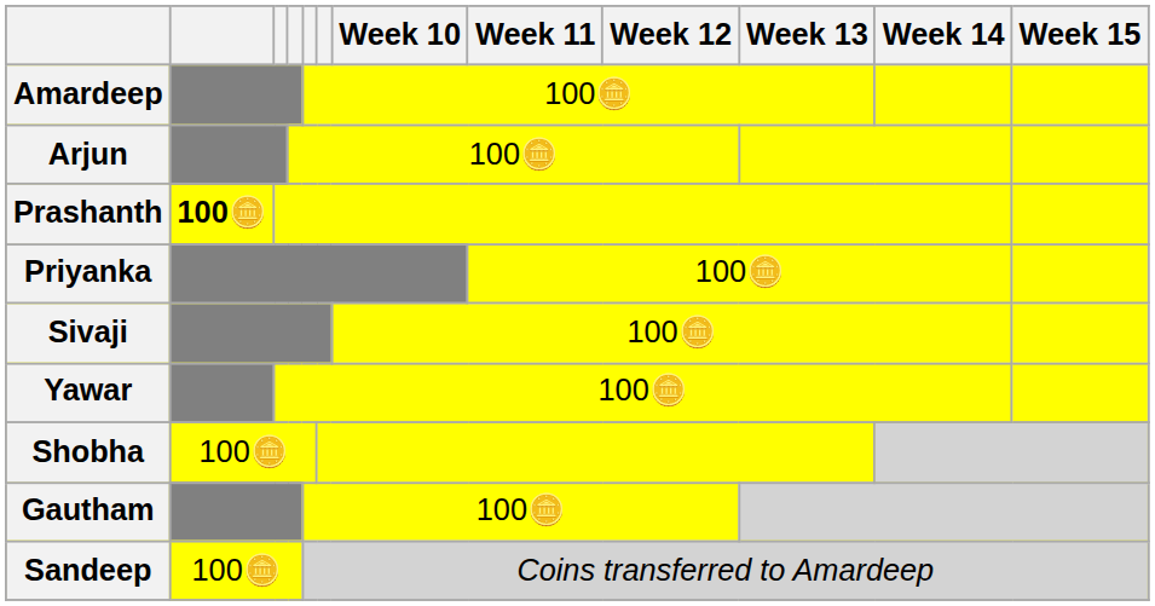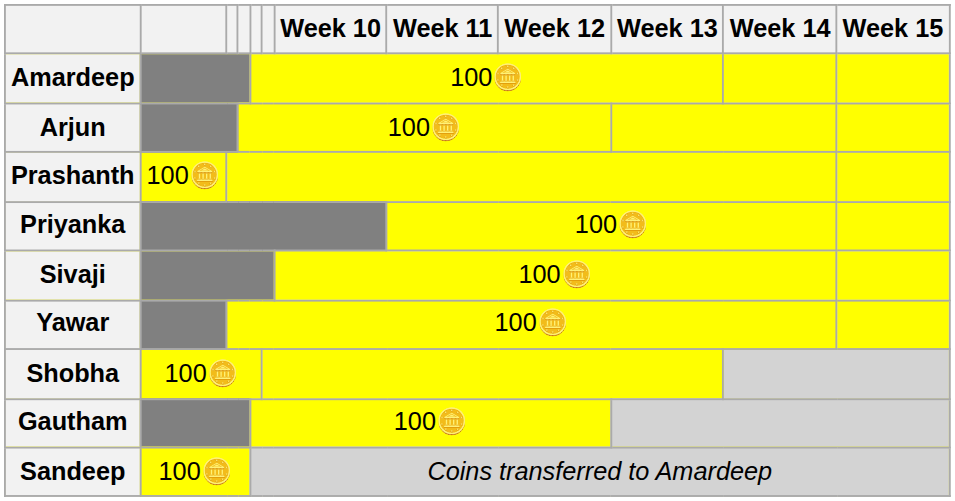 <table class="wikitable" style="text-align:center; font-size:85%; line-height:20px;">
 <tr>
 <th></th>
 <th></th>
 <th></th>
 <th></th>
 <th></th>
 <th></th>
 <th>Week 10</th>
 <th>Week 11</th>
 <th>Week 12</th>
 <th>Week 13</th>
 <th>Week 14</th>
 <th>Week 15</th>
 </tr>
 <tr bgcolor=yellow>
 <th>Amardeep</th>
 <td colspan="3" bgcolor="grey"></td>
 <td colspan="6">100🪙</td>
 <td></td>
 <td></td>
 </tr>
 <tr bgcolor=yellow>
 <th>Arjun</th>
 <td colspan="2" bgcolor="grey"></td>
 <td colspan="6">100🪙</td>
 <td colspan="2"></td>
 <td></td>
 </tr>
 <tr bgcolor=yellow>
 <th>Prashanth</th>
-<td><strong>100🪙</strong></td>
+<td>100🪙</td>
 <td colspan="9"></td>
 <td></td>
 </tr>
 <tr bgcolor=yellow>
 <th>Priyanka</th>
 <td colspan="6" bgcolor="grey"></td>
 <td colspan="4">100🪙</td>
 <td></td>
 </tr>
 <tr bgcolor="yellow">
 <th>Sivaji</th>
 <td colspan="5" bgcolor="grey"></td>
 <td colspan="5">100🪙</td>
 <td></td>
 </tr>
 <tr bgcolor="yellow">
 <th>Yawar</th>
 <td bgcolor="grey"></td>
 <td colspan="9">100🪙</td>
 <td></td>
 </tr>
 <tr bgcolor="yellow">
 <th>Shobha</th>
 <td colspan="4">100🪙</td>
 <td colspan="5"></td>
 <td colspan="2" bgcolor="lightgrey"></td>
 </tr>
 <tr bgcolor="yellow">
 <th>Gautham</th>
 <td colspan="3" bgcolor="grey"></td>
 <td colspan="5">100🪙</td>
 <td colspan="3" bgcolor="lightgrey"></td>
 </tr>
 <tr bgcolor=yellow>
 <th>Sandeep</th>
 <td colspan="3">100🪙</td>
 <td colspan="8" bgcolor="lightgrey"><em>Coins transferred to Amardeep</em></td>
 </tr>
 </table>
